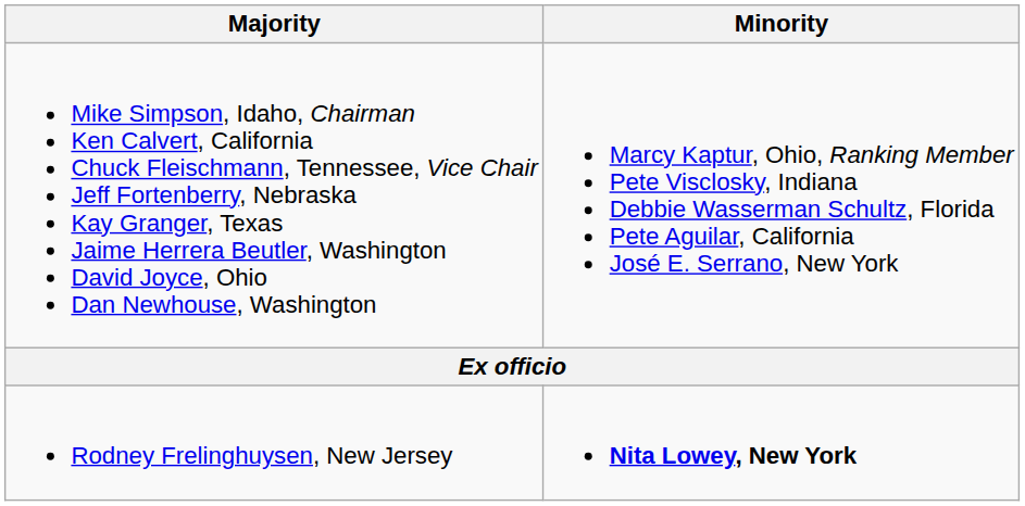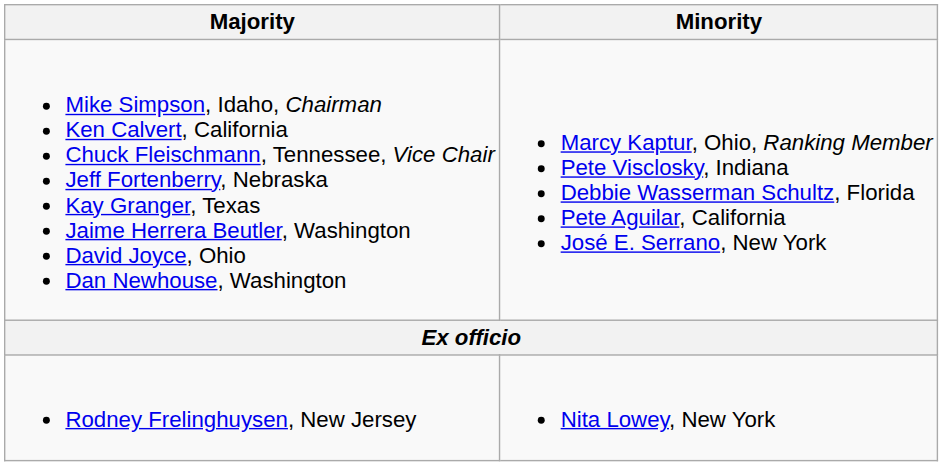 <table class=wikitable>
 <tr>
 <th>Majority</th>
 <th>Minority</th>
 </tr>
 <tr>
 <td><br><ul><li><a href='#'>Mike Simpson</a>, Idaho, <em>Chairman</em></li><li><a href='#'>Ken Calvert</a>, California</li><li><a href='#'>Chuck Fleischmann</a>, Tennessee, <em>Vice Chair</em></li><li><a href='#'>Jeff Fortenberry</a>, Nebraska</li><li><a href='#'>Kay Granger</a>, Texas</li><li><a href='#'>Jaime Herrera Beutler</a>, Washington</li><li><a href='#'>David Joyce</a>, Ohio</li><li><a href='#'>Dan Newhouse</a>, Washington</li></ul></td>
 <td><br><ul><li><a href='#'>Marcy Kaptur</a>, Ohio, <em>Ranking Member</em></li><li><a href='#'>Pete Visclosky</a>, Indiana</li><li><a href='#'>Debbie Wasserman Schultz</a>, Florida</li><li><a href='#'>Pete Aguilar</a>, California</li><li><a href='#'>José E. Serrano</a>, New York</li></ul></td>
 </tr>
 <tr>
 <th colspan=2><em>Ex officio</em></th>
 </tr>
 <tr>
 <td><br><ul><li><a href='#'>Rodney Frelinghuysen</a>, New Jersey</li></ul></td>
-<td><strong><br><ul><li><a href='#'>Nita Lowey</a>, New York</li></ul></strong></td>
+<td><br><ul><li><a href='#'>Nita Lowey</a>, New York</li></ul></td>
 </tr>
 </table>
